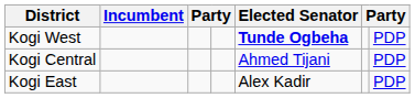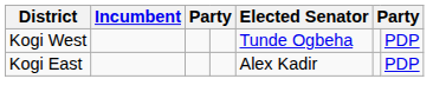 <table class="sortable wikitable" style="font-size:95%;line-height:14px;">
 <tr>
 <th class="unsortable">District</th>
 <th class="unsortable"><a href='#'>Incumbent</a></th>
 <th colspan="2">Party</th>
 <th class="unsortable">Elected Senator</th>
 <th colspan="2">Party</th>
 </tr>
 <tr>
 <td>Kogi West</td>
 <td></td>
 <td></td>
 <td></td>
-<td><strong><a href='#'>Tunde Ogbeha</a></strong></td>
-<td style="background:"></td>
-<td><a href='#'>PDP</a></td>
-</tr>
-<tr>
-<td>Kogi Central</td>
-<td></td>
-<td></td>
-<td></td>
-<td><a href='#'>Ahmed Tijani</a></td>
+<td><a href='#'>Tunde Ogbeha</a></td>
 <td style="background:"></td>
 <td><a href='#'>PDP</a></td>
 </tr>
 <tr>
 <td>Kogi East</td>
 <td></td>
 <td></td>
 <td></td>
 <td>Alex Kadir</td>
 <td style="background:"></td>
 <td><a href='#'>PDP</a></td>
 </tr>
 </table>
